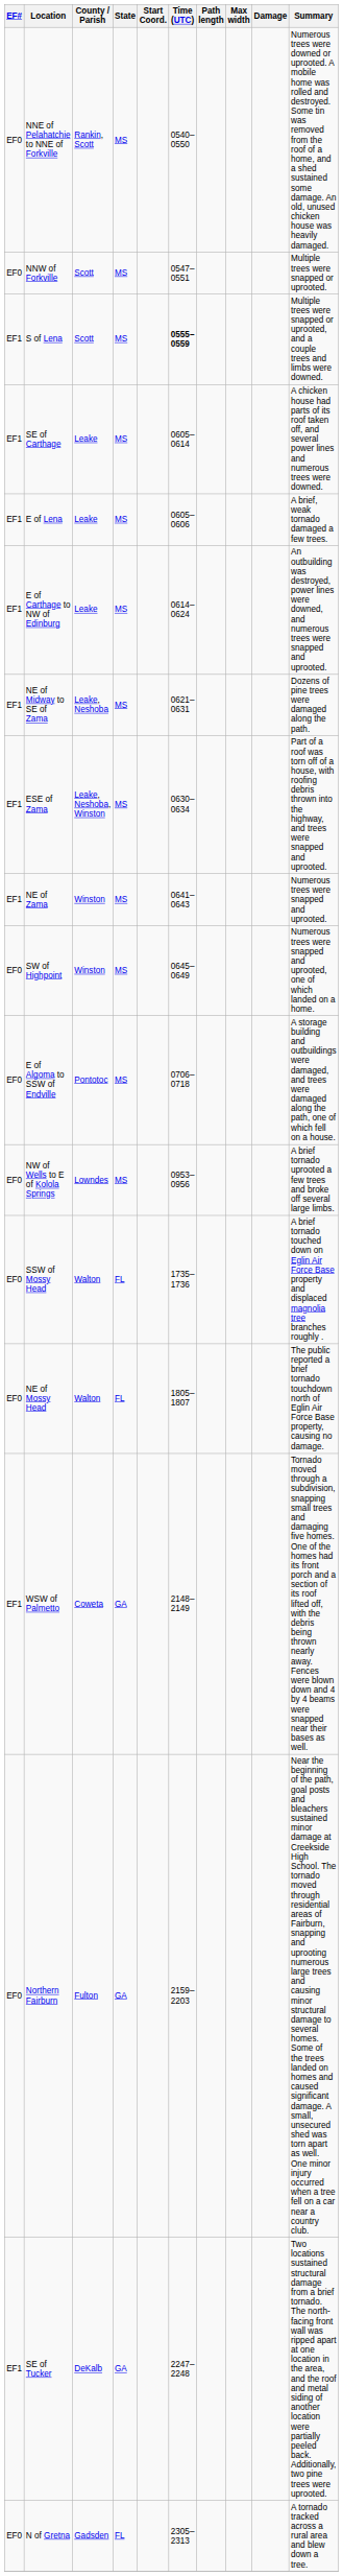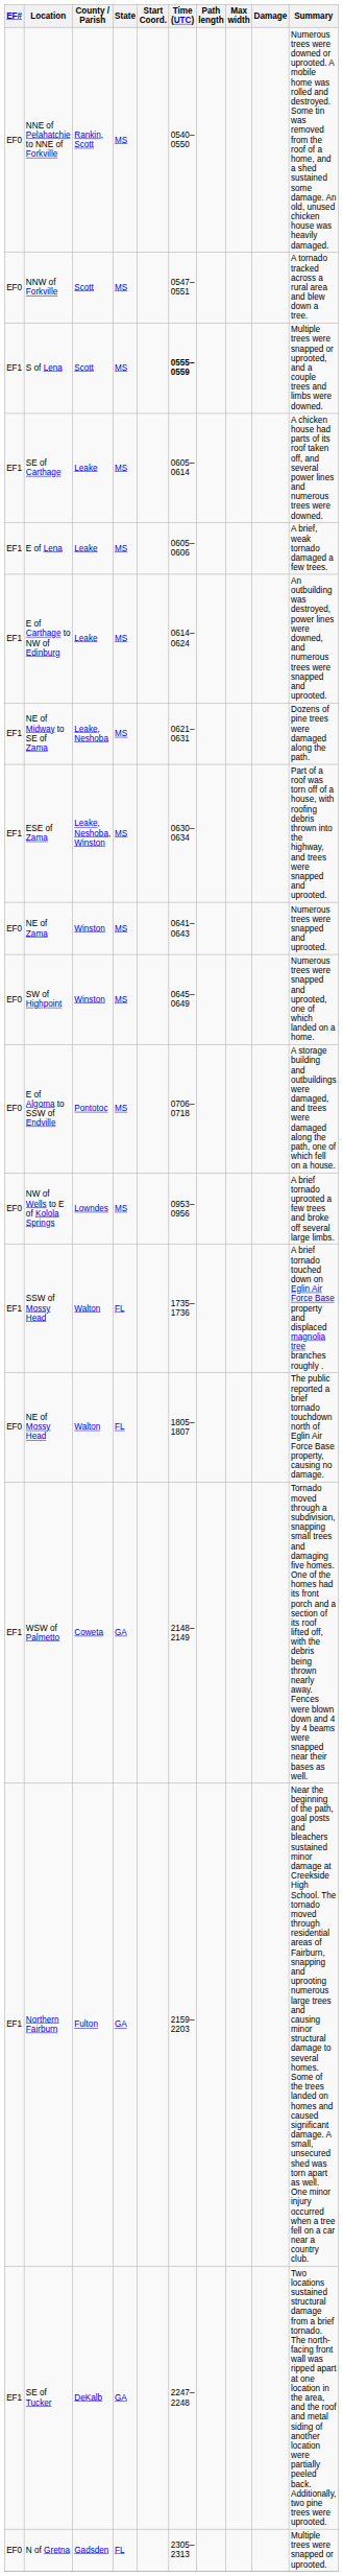 <table class="wikitable sortable" style="width:100%;">
 <tr>
 <th scope="col" width="3%" align="center"><a href='#'>EF#</a></th>
 <th scope="col" width="7%" align="center" class="unsortable">Location</th>
 <th scope="col" width="6%" align="center" class="unsortable">County / Parish</th>
 <th scope="col" width="5%" align="center">State</th>
 <th scope="col" width="6%" align="center">Start Coord.</th>
 <th scope="col" width="6%" align="center">Time (<a href='#'>UTC</a>)</th>
 <th scope="col" width="6%" align="center">Path length</th>
 <th scope="col" width="6%" align="center">Max width</th>
 <th scope="col" width="6%" align="center">Damage</th>
 <th scope="col" width="48%" class="unsortable" align="center">Summary</th>
 </tr>
 <tr>
 <td>EF0</td>
 <td>NNE of <a href='#'>Pelahatchie</a> to NNE of <a href='#'>Forkville</a></td>
 <td><a href='#'>Rankin</a>, <a href='#'>Scott</a></td>
 <td><a href='#'>MS</a></td>
 <td></td>
 <td>0540–0550</td>
 <td></td>
 <td></td>
 <td></td>
 <td>Numerous trees were downed or uprooted. A mobile home was rolled and destroyed. Some tin was removed from the roof of a home, and a shed sustained some damage. An old, unused chicken house was heavily damaged.</td>
 </tr>
 <tr>
 <td>EF0</td>
 <td>NNW of <a href='#'>Forkville</a></td>
 <td><a href='#'>Scott</a></td>
 <td><a href='#'>MS</a></td>
 <td></td>
 <td>0547–0551</td>
 <td></td>
 <td></td>
 <td></td>
-<td>Multiple trees were snapped or uprooted.</td>
+<td>A tornado tracked across a rural area and blew down a tree.</td>
 </tr>
 <tr>
 <td>EF1</td>
 <td>S of <a href='#'>Lena</a></td>
 <td><a href='#'>Scott</a></td>
 <td><a href='#'>MS</a></td>
 <td></td>
 <td><strong>0555–0559</strong></td>
 <td></td>
 <td></td>
 <td></td>
 <td>Multiple trees were snapped or uprooted, and a couple trees and limbs were downed.</td>
 </tr>
 <tr>
 <td>EF1</td>
 <td>SE of <a href='#'>Carthage</a></td>
 <td><a href='#'>Leake</a></td>
 <td><a href='#'>MS</a></td>
 <td></td>
 <td>0605–0614</td>
 <td></td>
 <td></td>
 <td></td>
 <td>A chicken house had parts of its roof taken off, and several power lines and numerous trees were downed.</td>
 </tr>
 <tr>
 <td>EF1</td>
 <td>E of <a href='#'>Lena</a></td>
 <td><a href='#'>Leake</a></td>
 <td><a href='#'>MS</a></td>
 <td></td>
 <td>0605–0606</td>
 <td></td>
 <td></td>
 <td></td>
 <td>A brief, weak tornado damaged a few trees.</td>
 </tr>
 <tr>
 <td>EF1</td>
 <td>E of <a href='#'>Carthage</a> to NW of <a href='#'>Edinburg</a></td>
 <td><a href='#'>Leake</a></td>
 <td><a href='#'>MS</a></td>
 <td></td>
 <td>0614–0624</td>
 <td></td>
 <td></td>
 <td></td>
 <td>An outbuilding was destroyed, power lines were downed, and numerous trees were snapped and uprooted.</td>
 </tr>
 <tr>
 <td>EF1</td>
 <td>NE of <a href='#'>Midway</a> to SE of <a href='#'>Zama</a></td>
 <td><a href='#'>Leake</a>, <a href='#'>Neshoba</a></td>
 <td><a href='#'>MS</a></td>
 <td></td>
 <td>0621–0631</td>
 <td></td>
 <td></td>
 <td></td>
 <td>Dozens of pine trees were damaged along the path.</td>
 </tr>
 <tr>
 <td>EF1</td>
 <td>ESE of <a href='#'>Zama</a></td>
 <td><a href='#'>Leake</a>, <a href='#'>Neshoba</a>, <a href='#'>Winston</a></td>
 <td><a href='#'>MS</a></td>
 <td></td>
 <td>0630–0634</td>
 <td></td>
 <td></td>
 <td></td>
 <td>Part of a roof was torn off of a house, with roofing debris thrown into the highway, and trees were snapped and uprooted.</td>
 </tr>
 <tr>
-<td>EF1</td>
+<td>EF0</td>
 <td>NE of <a href='#'>Zama</a></td>
 <td><a href='#'>Winston</a></td>
 <td><a href='#'>MS</a></td>
 <td></td>
 <td>0641–0643</td>
 <td></td>
 <td></td>
 <td></td>
 <td>Numerous trees were snapped and uprooted.</td>
 </tr>
 <tr>
 <td>EF0</td>
 <td>SW of <a href='#'>Highpoint</a></td>
 <td><a href='#'>Winston</a></td>
 <td><a href='#'>MS</a></td>
 <td></td>
 <td>0645–0649</td>
 <td></td>
 <td></td>
 <td></td>
 <td>Numerous trees were snapped and uprooted, one of which landed on a home.</td>
 </tr>
 <tr>
 <td>EF0</td>
 <td>E of <a href='#'>Algoma</a> to SSW of <a href='#'>Endville</a></td>
 <td><a href='#'>Pontotoc</a></td>
 <td><a href='#'>MS</a></td>
 <td></td>
 <td>0706–0718</td>
 <td></td>
 <td></td>
 <td></td>
 <td>A storage building and outbuildings were damaged, and trees were damaged along the path, one of which fell on a house.</td>
 </tr>
 <tr>
 <td>EF0</td>
 <td>NW of <a href='#'>Wells</a> to E of <a href='#'>Kolola Springs</a></td>
 <td><a href='#'>Lowndes</a></td>
 <td><a href='#'>MS</a></td>
 <td></td>
 <td>0953–0956</td>
 <td></td>
 <td></td>
 <td></td>
 <td>A brief tornado uprooted a few trees and broke off several large limbs.</td>
 </tr>
 <tr>
-<td>EF0</td>
+<td>EF1</td>
 <td>SSW of <a href='#'>Mossy Head</a></td>
 <td><a href='#'>Walton</a></td>
 <td><a href='#'>FL</a></td>
 <td></td>
 <td>1735–1736</td>
 <td></td>
 <td></td>
 <td></td>
 <td>A brief tornado touched down on <a href='#'>Eglin Air Force Base</a> property and displaced <a href='#'>magnolia tree</a> branches roughly .</td>
 </tr>
 <tr>
 <td>EF0</td>
 <td>NE of <a href='#'>Mossy Head</a></td>
 <td><a href='#'>Walton</a></td>
 <td><a href='#'>FL</a></td>
 <td></td>
 <td>1805–1807</td>
 <td></td>
 <td></td>
 <td></td>
 <td>The public reported a brief tornado touchdown north of Eglin Air Force Base property, causing no damage.</td>
 </tr>
 <tr>
 <td>EF1</td>
 <td>WSW of <a href='#'>Palmetto</a></td>
 <td><a href='#'>Coweta</a></td>
 <td><a href='#'>GA</a></td>
 <td></td>
 <td>2148–2149</td>
 <td></td>
 <td></td>
 <td></td>
 <td>Tornado moved through a subdivision, snapping small trees and damaging five homes. One of the homes had its front porch and a section of its roof lifted off, with the debris being thrown nearly  away. Fences were blown down and 4 by 4 beams were snapped near their bases as well.</td>
 </tr>
 <tr>
-<td>EF0</td>
+<td>EF1</td>
 <td><a href='#'>Northern Fairburn</a></td>
 <td><a href='#'>Fulton</a></td>
 <td><a href='#'>GA</a></td>
 <td></td>
 <td>2159–2203</td>
 <td></td>
 <td></td>
 <td></td>
 <td>Near the beginning of the path, goal posts and bleachers sustained minor damage at Creekside High School. The tornado moved through residential areas of Fairburn, snapping and uprooting numerous large trees and causing minor structural damage to several homes. Some of the trees landed on homes and caused significant damage. A small, unsecured shed was torn apart as well. One minor injury occurred when a tree fell on a car near a country club.</td>
 </tr>
 <tr>
 <td>EF1</td>
 <td>SE of <a href='#'>Tucker</a></td>
 <td><a href='#'>DeKalb</a></td>
 <td><a href='#'>GA</a></td>
 <td></td>
 <td>2247–2248</td>
 <td></td>
 <td></td>
 <td></td>
 <td>Two locations sustained structural damage from a brief tornado. The north-facing front wall was ripped apart at one location in the area, and the roof and metal siding of another location were partially peeled back. Additionally, two pine trees were uprooted.</td>
 </tr>
 <tr>
 <td>EF0</td>
 <td>N of <a href='#'>Gretna</a></td>
 <td><a href='#'>Gadsden</a></td>
 <td><a href='#'>FL</a></td>
 <td></td>
 <td>2305–2313</td>
 <td></td>
 <td></td>
 <td></td>
-<td>A tornado tracked across a rural area and blew down a tree.</td>
+<td>Multiple trees were snapped or uprooted.</td>
 </tr>
 <tr>
 </tr>
 </table>
